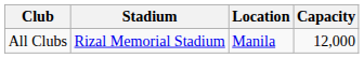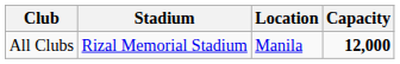 <table class="wikitable sortable">
 <tr>
 <th>Club</th>
 <th>Stadium</th>
 <th>Location</th>
 <th>Capacity</th>
 </tr>
 <tr>
 <td>All Clubs</td>
 <td><a href='#'>Rizal Memorial Stadium</a></td>
 <td><a href='#'>Manila</a></td>
-<td style="text-align: right">12,000</td>
+<td style="text-align: right"><strong>12,000</strong></td>
 </tr>
 </table>
